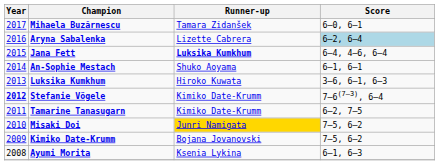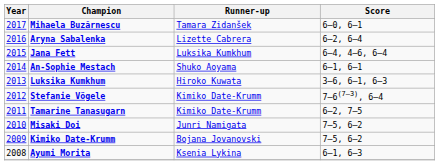 <table class="wikitable" style="font-size:90%">
 <tr>
 <th>Year</th>
 <th width="200">Champion</th>
 <th width="200">Runner-up</th>
 <th width="155">Score</th>
 </tr>
 <tr>
 <td><a href='#'>2017</a></td>
 <td> <strong><a href='#'>Mihaela Buzărnescu</a></strong></td>
 <td> <a href='#'>Tamara Zidanšek</a></td>
 <td>6–0, 6–1</td>
 </tr>
 <tr>
 <td><a href='#'>2016</a></td>
 <td> <strong><a href='#'>Aryna Sabalenka</a></strong></td>
 <td> <a href='#'>Lizette Cabrera</a></td>
-<td style="background: lightblue;">6–2, 6–4</td>
+<td>6–2, 6–4</td>
 </tr>
 <tr>
 <td><a href='#'>2015</a></td>
 <td> <strong><a href='#'>Jana Fett</a></strong></td>
-<td><strong> <a href='#'>Luksika Kumkhum</a></strong></td>
+<td> <a href='#'>Luksika Kumkhum</a></td>
 <td>6–4, 4–6, 6–4</td>
 </tr>
 <tr>
 <td><a href='#'>2014</a></td>
 <td> <strong><a href='#'>An-Sophie Mestach</a></strong></td>
 <td> <a href='#'>Shuko Aoyama</a></td>
 <td>6–1, 6–1</td>
 </tr>
 <tr>
 <td><a href='#'>2013</a></td>
 <td> <strong><a href='#'>Luksika Kumkhum</a></strong></td>
 <td> <a href='#'>Hiroko Kuwata</a></td>
 <td>3–6, 6–1, 6–3</td>
 </tr>
 <tr>
-<td><strong><a href='#'>2012</a></strong></td>
+<td><a href='#'>2012</a></td>
 <td> <strong><a href='#'>Stefanie Vögele</a></strong></td>
 <td> <a href='#'>Kimiko Date-Krumm</a></td>
 <td>7–6<sup>(7–3)</sup>, 6–4</td>
 </tr>
 <tr>
 <td><a href='#'>2011</a></td>
 <td> <strong><a href='#'>Tamarine Tanasugarn</a></strong></td>
 <td> <a href='#'>Kimiko Date-Krumm</a></td>
 <td>6–2, 7–5</td>
 </tr>
 <tr>
 <td><a href='#'>2010</a></td>
 <td> <strong><a href='#'>Misaki Doi</a></strong></td>
-<td style="background: gold;"> <a href='#'>Junri Namigata</a></td>
+<td> <a href='#'>Junri Namigata</a></td>
 <td>7–5, 6–2</td>
 </tr>
 <tr>
 <td><a href='#'>2009</a></td>
 <td> <strong><a href='#'>Kimiko Date-Krumm</a></strong></td>
 <td> <a href='#'>Bojana Jovanovski</a></td>
 <td>7–5, 6–2</td>
 </tr>
 <tr>
 <td>2008</td>
 <td> <strong><a href='#'>Ayumi Morita</a></strong></td>
 <td> <a href='#'>Ksenia Lykina</a></td>
 <td>6–1, 6–3</td>
 </tr>
 <tr>
 </tr>
 </table>
